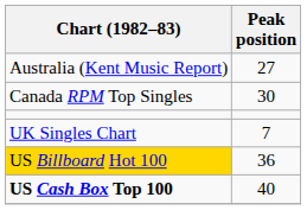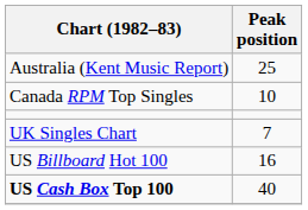 <table class="wikitable sortable">
 <tr>
 <th>Chart (1982–83)</th>
 <th>Peak<br>position</th>
 </tr>
 <tr>
 <td>Australia (<a href='#'>Kent Music Report</a>)</td>
-<td style="text-align:center;">27</td>
+<td style="text-align:center;">25</td>
 </tr>
 <tr>
 <td>Canada <em><a href='#'>RPM</a></em> Top Singles</td>
-<td style="text-align:center;">30</td>
+<td style="text-align:center;">10</td>
 </tr>
 <tr>
 <td></td>
 </tr>
 <tr>
 <td><a href='#'>UK Singles Chart</a></td>
 <td style="text-align:center;">7</td>
 </tr>
 <tr>
-<td style="background: gold;">US <em><a href='#'>Billboard</a></em> <a href='#'>Hot 100</a></td>
-<td style="text-align:center;">36</td>
+<td>US <em><a href='#'>Billboard</a></em> <a href='#'>Hot 100</a></td>
+<td style="text-align:center;">16</td>
 </tr>
 <tr>
 <td><strong>US <a href='#'><em>Cash Box</em></a> Top 100</strong></td>
 <td align="center">40</td>
 </tr>
 <tr>
 </tr>
 </table>
